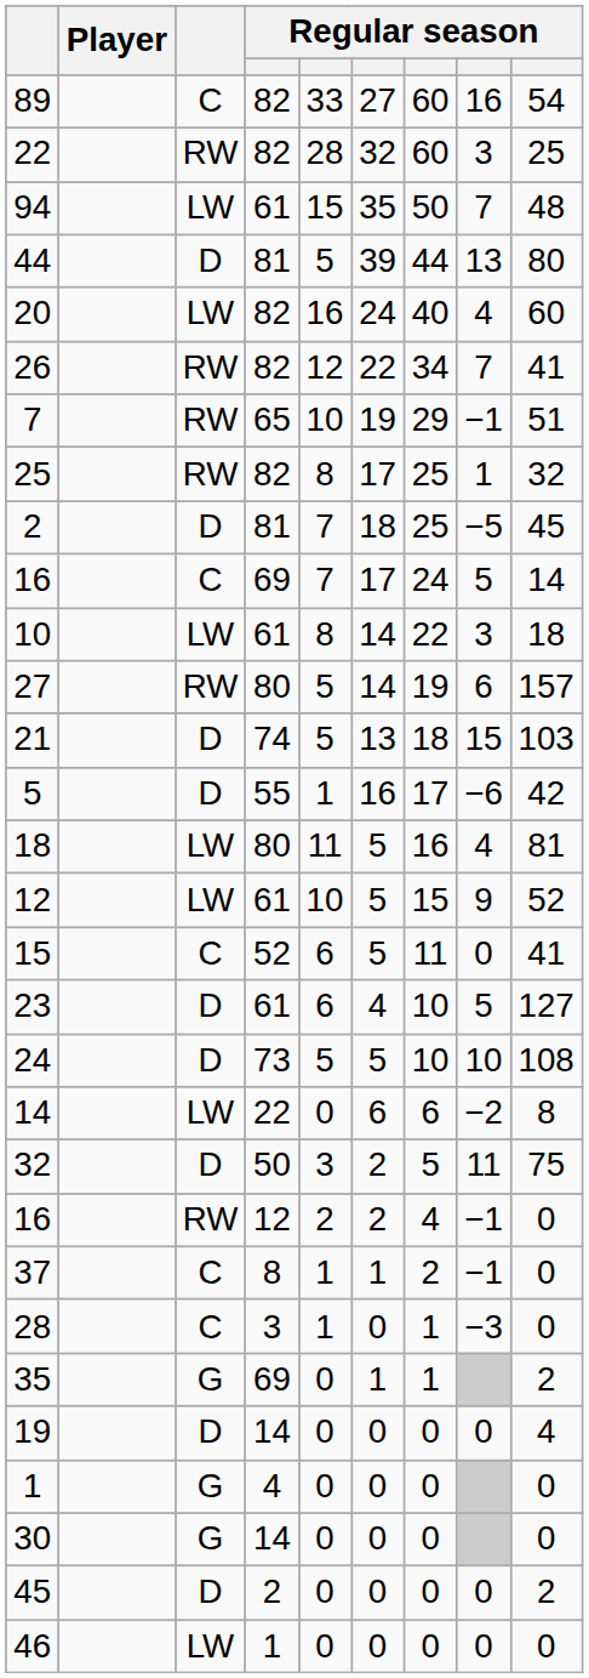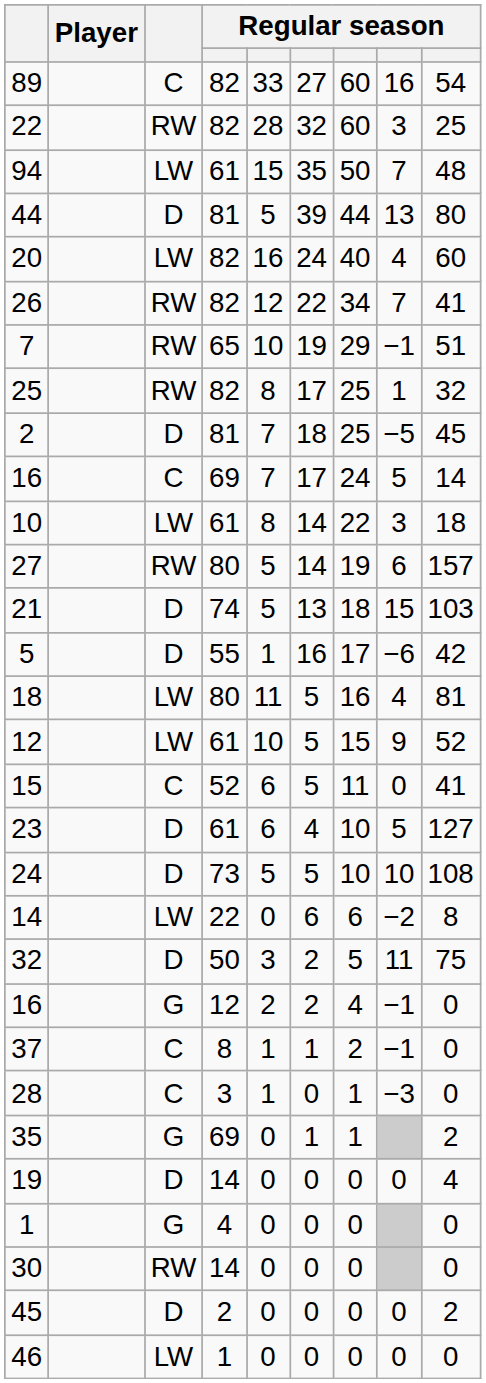 <table class="wikitable sortable plainrowheaders" style="text-align:center;">
 <tr>
 <th scope="col" data-sort-type="number" rowspan="2"></th>
 <th scope="col" rowspan="2">Player</th>
 <th scope="col" rowspan="2"></th>
 <th scope=colgroup colspan=6>Regular season</th>
 </tr>
 <tr>
 <th scope="col" data-sort-type="number"></th>
 <th scope="col" data-sort-type="number"></th>
 <th scope="col" data-sort-type="number"></th>
 <th scope="col" data-sort-type="number"></th>
 <th scope="col" data-sort-type="number"></th>
 <th scope="col" data-sort-type="number"></th>
 </tr>
 <tr>
 <td scope="row">89</td>
 <td align="left"></td>
 <td>C</td>
 <td>82</td>
 <td>33</td>
 <td>27</td>
 <td>60</td>
 <td>16</td>
 <td>54</td>
 </tr>
 <tr>
 <td scope="row">22</td>
 <td align="left"></td>
 <td>RW</td>
 <td>82</td>
 <td>28</td>
 <td>32</td>
 <td>60</td>
 <td>3</td>
 <td>25</td>
 </tr>
 <tr>
 <td scope="row">94</td>
 <td align="left"></td>
 <td>LW</td>
 <td>61</td>
 <td>15</td>
 <td>35</td>
 <td>50</td>
 <td>7</td>
 <td>48</td>
 </tr>
 <tr>
 <td scope="row">44</td>
 <td align="left"></td>
 <td>D</td>
 <td>81</td>
 <td>5</td>
 <td>39</td>
 <td>44</td>
 <td>13</td>
 <td>80</td>
 </tr>
 <tr>
 <td scope="row">20</td>
 <td align="left"></td>
 <td>LW</td>
 <td>82</td>
 <td>16</td>
 <td>24</td>
 <td>40</td>
 <td>4</td>
 <td>60</td>
 </tr>
 <tr>
 <td scope="row">26</td>
 <td align="left"></td>
 <td>RW</td>
 <td>82</td>
 <td>12</td>
 <td>22</td>
 <td>34</td>
 <td>7</td>
 <td>41</td>
 </tr>
 <tr>
 <td scope="row">7</td>
 <td align="left"></td>
 <td>RW</td>
 <td>65</td>
 <td>10</td>
 <td>19</td>
 <td>29</td>
 <td>−1</td>
 <td>51</td>
 </tr>
 <tr>
 <td scope="row">25</td>
 <td align="left"></td>
 <td>RW</td>
 <td>82</td>
 <td>8</td>
 <td>17</td>
 <td>25</td>
 <td>1</td>
 <td>32</td>
 </tr>
 <tr>
 <td scope="row">2</td>
 <td align="left"></td>
 <td>D</td>
 <td>81</td>
 <td>7</td>
 <td>18</td>
 <td>25</td>
 <td>−5</td>
 <td>45</td>
 </tr>
 <tr>
 <td scope="row">16</td>
 <td align="left"></td>
 <td>C</td>
 <td>69</td>
 <td>7</td>
 <td>17</td>
 <td>24</td>
 <td>5</td>
 <td>14</td>
 </tr>
 <tr>
 <td scope="row">10</td>
 <td align="left"></td>
 <td>LW</td>
 <td>61</td>
 <td>8</td>
 <td>14</td>
 <td>22</td>
 <td>3</td>
 <td>18</td>
 </tr>
 <tr>
 <td scope="row">27</td>
 <td align="left"></td>
 <td>RW</td>
 <td>80</td>
 <td>5</td>
 <td>14</td>
 <td>19</td>
 <td>6</td>
 <td>157</td>
 </tr>
 <tr>
 <td scope="row">21</td>
 <td align="left"></td>
 <td>D</td>
 <td>74</td>
 <td>5</td>
 <td>13</td>
 <td>18</td>
 <td>15</td>
 <td>103</td>
 </tr>
 <tr>
 <td scope="row">5</td>
 <td align="left"></td>
 <td>D</td>
 <td>55</td>
 <td>1</td>
 <td>16</td>
 <td>17</td>
 <td>−6</td>
 <td>42</td>
 </tr>
 <tr>
 <td scope="row">18</td>
 <td align="left"></td>
 <td>LW</td>
 <td>80</td>
 <td>11</td>
 <td>5</td>
 <td>16</td>
 <td>4</td>
 <td>81</td>
 </tr>
 <tr>
 <td scope="row">12</td>
 <td align="left"></td>
 <td>LW</td>
 <td>61</td>
 <td>10</td>
 <td>5</td>
 <td>15</td>
 <td>9</td>
 <td>52</td>
 </tr>
 <tr>
 <td scope="row">15</td>
 <td align="left"></td>
 <td>C</td>
 <td>52</td>
 <td>6</td>
 <td>5</td>
 <td>11</td>
 <td>0</td>
 <td>41</td>
 </tr>
 <tr>
 <td scope="row">23</td>
 <td align="left"></td>
 <td>D</td>
 <td>61</td>
 <td>6</td>
 <td>4</td>
 <td>10</td>
 <td>5</td>
 <td>127</td>
 </tr>
 <tr>
 <td scope="row">24</td>
 <td align="left"></td>
 <td>D</td>
 <td>73</td>
 <td>5</td>
 <td>5</td>
 <td>10</td>
 <td>10</td>
 <td>108</td>
 </tr>
 <tr>
 <td scope="row">14</td>
 <td align="left"></td>
 <td>LW</td>
 <td>22</td>
 <td>0</td>
 <td>6</td>
 <td>6</td>
 <td>−2</td>
 <td>8</td>
 </tr>
 <tr>
 <td scope="row">32</td>
 <td align="left"></td>
 <td>D</td>
 <td>50</td>
 <td>3</td>
 <td>2</td>
 <td>5</td>
 <td>11</td>
 <td>75</td>
 </tr>
 <tr>
 <td scope="row">16</td>
 <td align="left"></td>
-<td>RW</td>
+<td>G</td>
 <td>12</td>
 <td>2</td>
 <td>2</td>
 <td>4</td>
 <td>−1</td>
 <td>0</td>
 </tr>
 <tr>
 <td scope="row">37</td>
 <td align="left"></td>
 <td>C</td>
 <td>8</td>
 <td>1</td>
 <td>1</td>
 <td>2</td>
 <td>−1</td>
 <td>0</td>
 </tr>
 <tr>
 <td scope="row">28</td>
 <td align="left"></td>
 <td>C</td>
 <td>3</td>
 <td>1</td>
 <td>0</td>
 <td>1</td>
 <td>−3</td>
 <td>0</td>
 </tr>
 <tr>
 <td scope="row">35</td>
 <td align="left"></td>
 <td>G</td>
 <td>69</td>
 <td>0</td>
 <td>1</td>
 <td>1</td>
 <td style="background:#ccc"></td>
 <td>2</td>
 </tr>
 <tr>
 <td scope="row">19</td>
 <td align="left"></td>
 <td>D</td>
 <td>14</td>
 <td>0</td>
 <td>0</td>
 <td>0</td>
 <td>0</td>
 <td>4</td>
 </tr>
 <tr>
 <td scope="row">1</td>
 <td align="left"></td>
 <td>G</td>
 <td>4</td>
 <td>0</td>
 <td>0</td>
 <td>0</td>
 <td style="background:#ccc"></td>
 <td>0</td>
 </tr>
 <tr>
 <td scope="row">30</td>
 <td align="left"></td>
-<td>G</td>
+<td>RW</td>
 <td>14</td>
 <td>0</td>
 <td>0</td>
 <td>0</td>
 <td style="background:#ccc"></td>
 <td>0</td>
 </tr>
 <tr>
 <td scope="row">45</td>
 <td align="left"></td>
 <td>D</td>
 <td>2</td>
 <td>0</td>
 <td>0</td>
 <td>0</td>
 <td>0</td>
 <td>2</td>
 </tr>
 <tr>
 <td scope="row">46</td>
 <td align="left"></td>
 <td>LW</td>
 <td>1</td>
 <td>0</td>
 <td>0</td>
 <td>0</td>
 <td>0</td>
 <td>0</td>
 </tr>
 </table>
